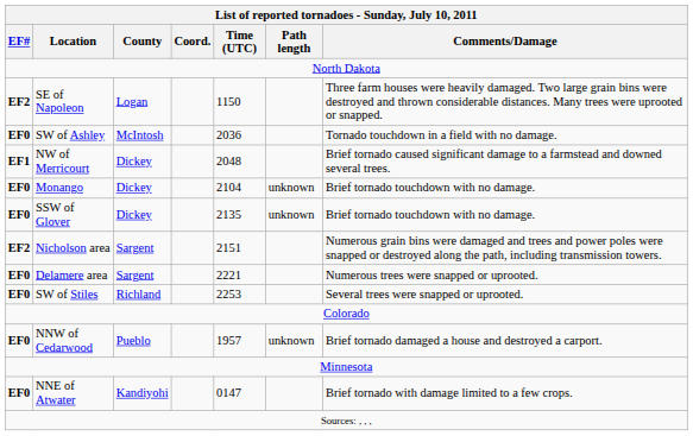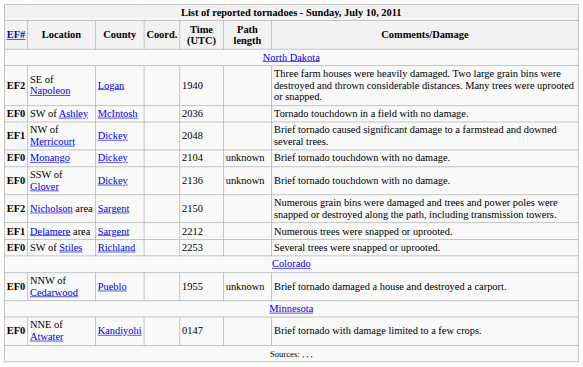 <table class="wikitable collapsible" width="100%">
 <tr>
 <th colspan="7">List of reported tornadoes - Sunday, July 10, 2011</th>
 </tr>
 <tr>
 <th><a href='#'>EF#</a></th>
 <th>Location</th>
 <th>County</th>
 <th>Coord.</th>
 <th>Time (UTC)</th>
 <th>Path length</th>
 <th>Comments/Damage</th>
 </tr>
 <tr>
 <td colspan="7" align=center><a href='#'>North Dakota</a></td>
 </tr>
 <tr>
 <td><strong>EF2</strong></td>
 <td>SE of <a href='#'>Napoleon</a></td>
 <td><a href='#'>Logan</a></td>
 <td></td>
-<td>1150</td>
+<td>1940</td>
 <td></td>
 <td>Three farm houses were heavily damaged. Two large grain bins were destroyed and thrown considerable distances. Many trees were uprooted or snapped.</td>
 </tr>
 <tr>
 <td><strong>EF0</strong></td>
 <td>SW of <a href='#'>Ashley</a></td>
 <td><a href='#'>McIntosh</a></td>
 <td></td>
 <td>2036</td>
 <td></td>
 <td>Tornado touchdown in a field with no damage.</td>
 </tr>
 <tr>
 <td><strong>EF1</strong></td>
 <td>NW of <a href='#'>Merricourt</a></td>
 <td><a href='#'>Dickey</a></td>
 <td></td>
 <td>2048</td>
 <td></td>
 <td>Brief tornado caused significant damage to a farmstead and downed several trees.</td>
 </tr>
 <tr>
 <td><strong>EF0</strong></td>
 <td><a href='#'>Monango</a></td>
 <td><a href='#'>Dickey</a></td>
 <td></td>
 <td>2104</td>
 <td>unknown</td>
 <td>Brief tornado touchdown with no damage.</td>
 </tr>
 <tr>
 <td><strong>EF0</strong></td>
 <td>SSW of <a href='#'>Glover</a></td>
 <td><a href='#'>Dickey</a></td>
 <td></td>
-<td>2135</td>
+<td>2136</td>
 <td>unknown</td>
 <td>Brief tornado touchdown with no damage.</td>
 </tr>
 <tr>
 <td><strong>EF2</strong></td>
 <td><a href='#'>Nicholson</a> area</td>
 <td><a href='#'>Sargent</a></td>
 <td></td>
-<td>2151</td>
+<td>2150</td>
 <td></td>
 <td>Numerous grain bins were damaged and trees and power poles were snapped or destroyed along the path, including transmission towers.</td>
 </tr>
 <tr>
-<td><strong>EF0</strong></td>
+<td><strong>EF1</strong></td>
 <td><a href='#'>Delamere</a> area</td>
 <td><a href='#'>Sargent</a></td>
 <td></td>
-<td>2221</td>
+<td>2212</td>
 <td></td>
 <td>Numerous trees were snapped or uprooted.</td>
 </tr>
 <tr>
 <td><strong>EF0</strong></td>
 <td>SW of <a href='#'>Stiles</a></td>
 <td><a href='#'>Richland</a></td>
 <td></td>
 <td>2253</td>
 <td></td>
 <td>Several trees were snapped or uprooted.</td>
 </tr>
 <tr>
 <td colspan="7" align=center><a href='#'>Colorado</a></td>
 </tr>
 <tr>
 <td><strong>EF0</strong></td>
 <td>NNW of <a href='#'>Cedarwood</a></td>
 <td><a href='#'>Pueblo</a></td>
 <td></td>
-<td>1957</td>
+<td>1955</td>
 <td>unknown</td>
 <td>Brief tornado damaged a house and destroyed a carport.</td>
 </tr>
 <tr>
 <td colspan="7" align=center><a href='#'>Minnesota</a></td>
 </tr>
 <tr>
 <td><strong>EF0</strong></td>
 <td>NNE of <a href='#'>Atwater</a></td>
 <td><a href='#'>Kandiyohi</a></td>
 <td></td>
 <td>0147</td>
 <td></td>
 <td>Brief tornado with damage limited to a few crops.</td>
 </tr>
 <tr>
 <td colspan="7" align=center><small>Sources: , , , </small></td>
 </tr>
 </table>
